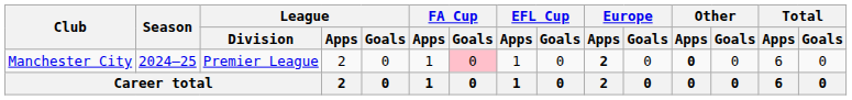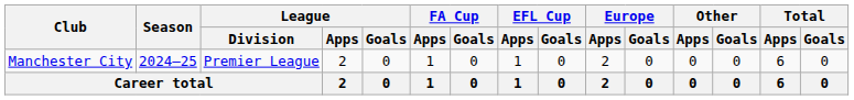 <table class="wikitable" style="text-align: center;">
 <tr>
 <th rowspan="2">Club</th>
 <th rowspan="2">Season</th>
 <th colspan="3">League</th>
 <th colspan="2"><a href='#'>FA Cup</a></th>
 <th colspan="2"><a href='#'>EFL Cup</a></th>
 <th colspan="2"><a href='#'>Europe</a></th>
 <th colspan="2">Other</th>
 <th colspan="2">Total</th>
 </tr>
 <tr>
 <th>Division</th>
 <th>Apps</th>
 <th>Goals</th>
 <th>Apps</th>
 <th>Goals</th>
 <th>Apps</th>
 <th>Goals</th>
 <th>Apps</th>
 <th>Goals</th>
 <th>Apps</th>
 <th>Goals</th>
 <th>Apps</th>
 <th>Goals</th>
 </tr>
 <tr>
 <td><a href='#'>Manchester City</a></td>
 <td><a href='#'>2024–25</a></td>
 <td><a href='#'>Premier League</a></td>
 <td>2</td>
 <td>0</td>
 <td>1</td>
-<td style="background: pink;">0</td>
+<td>0</td>
 <td>1</td>
 <td>0</td>
-<td><strong>2</strong></td>
+<td>2</td>
 <td>0</td>
-<td><strong>0</strong></td>
+<td>0</td>
 <td>0</td>
 <td>6</td>
 <td>0</td>
 </tr>
 <tr>
 <th colspan="3">Career total</th>
 <th>2</th>
 <th>0</th>
 <th>1</th>
 <th>0</th>
 <th>1</th>
 <th>0</th>
 <th>2</th>
 <th>0</th>
 <th>0</th>
 <th>0</th>
 <th>6</th>
 <th>0</th>
 </tr>
 </table>
